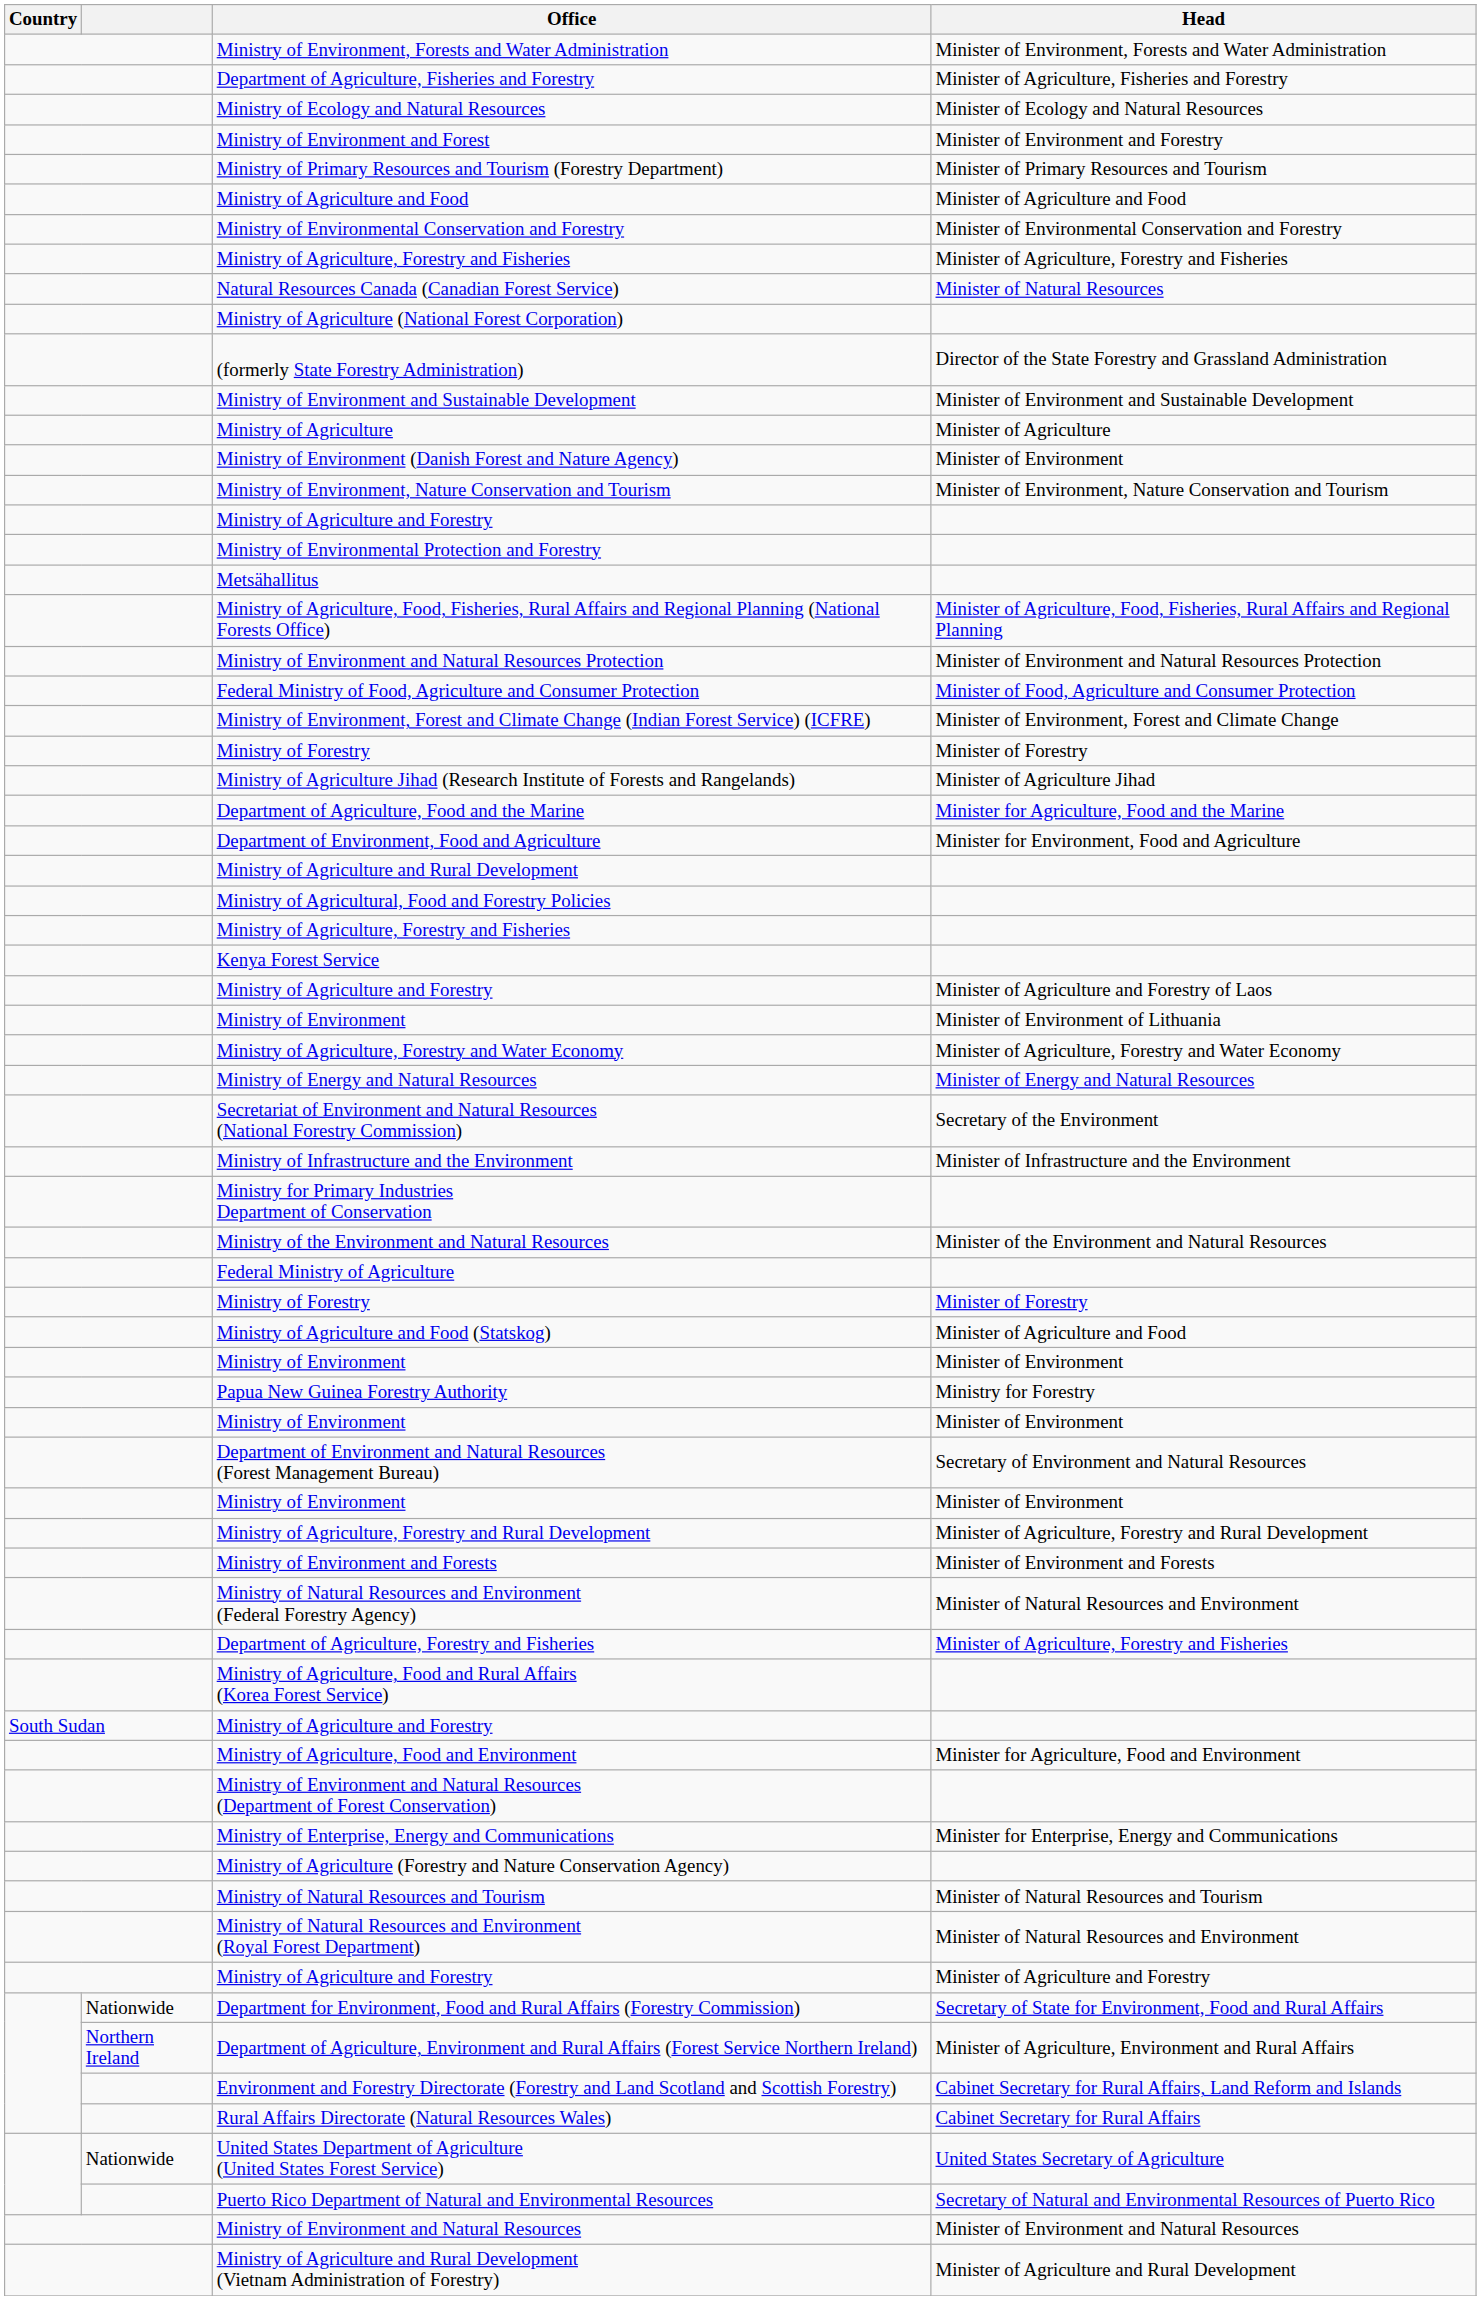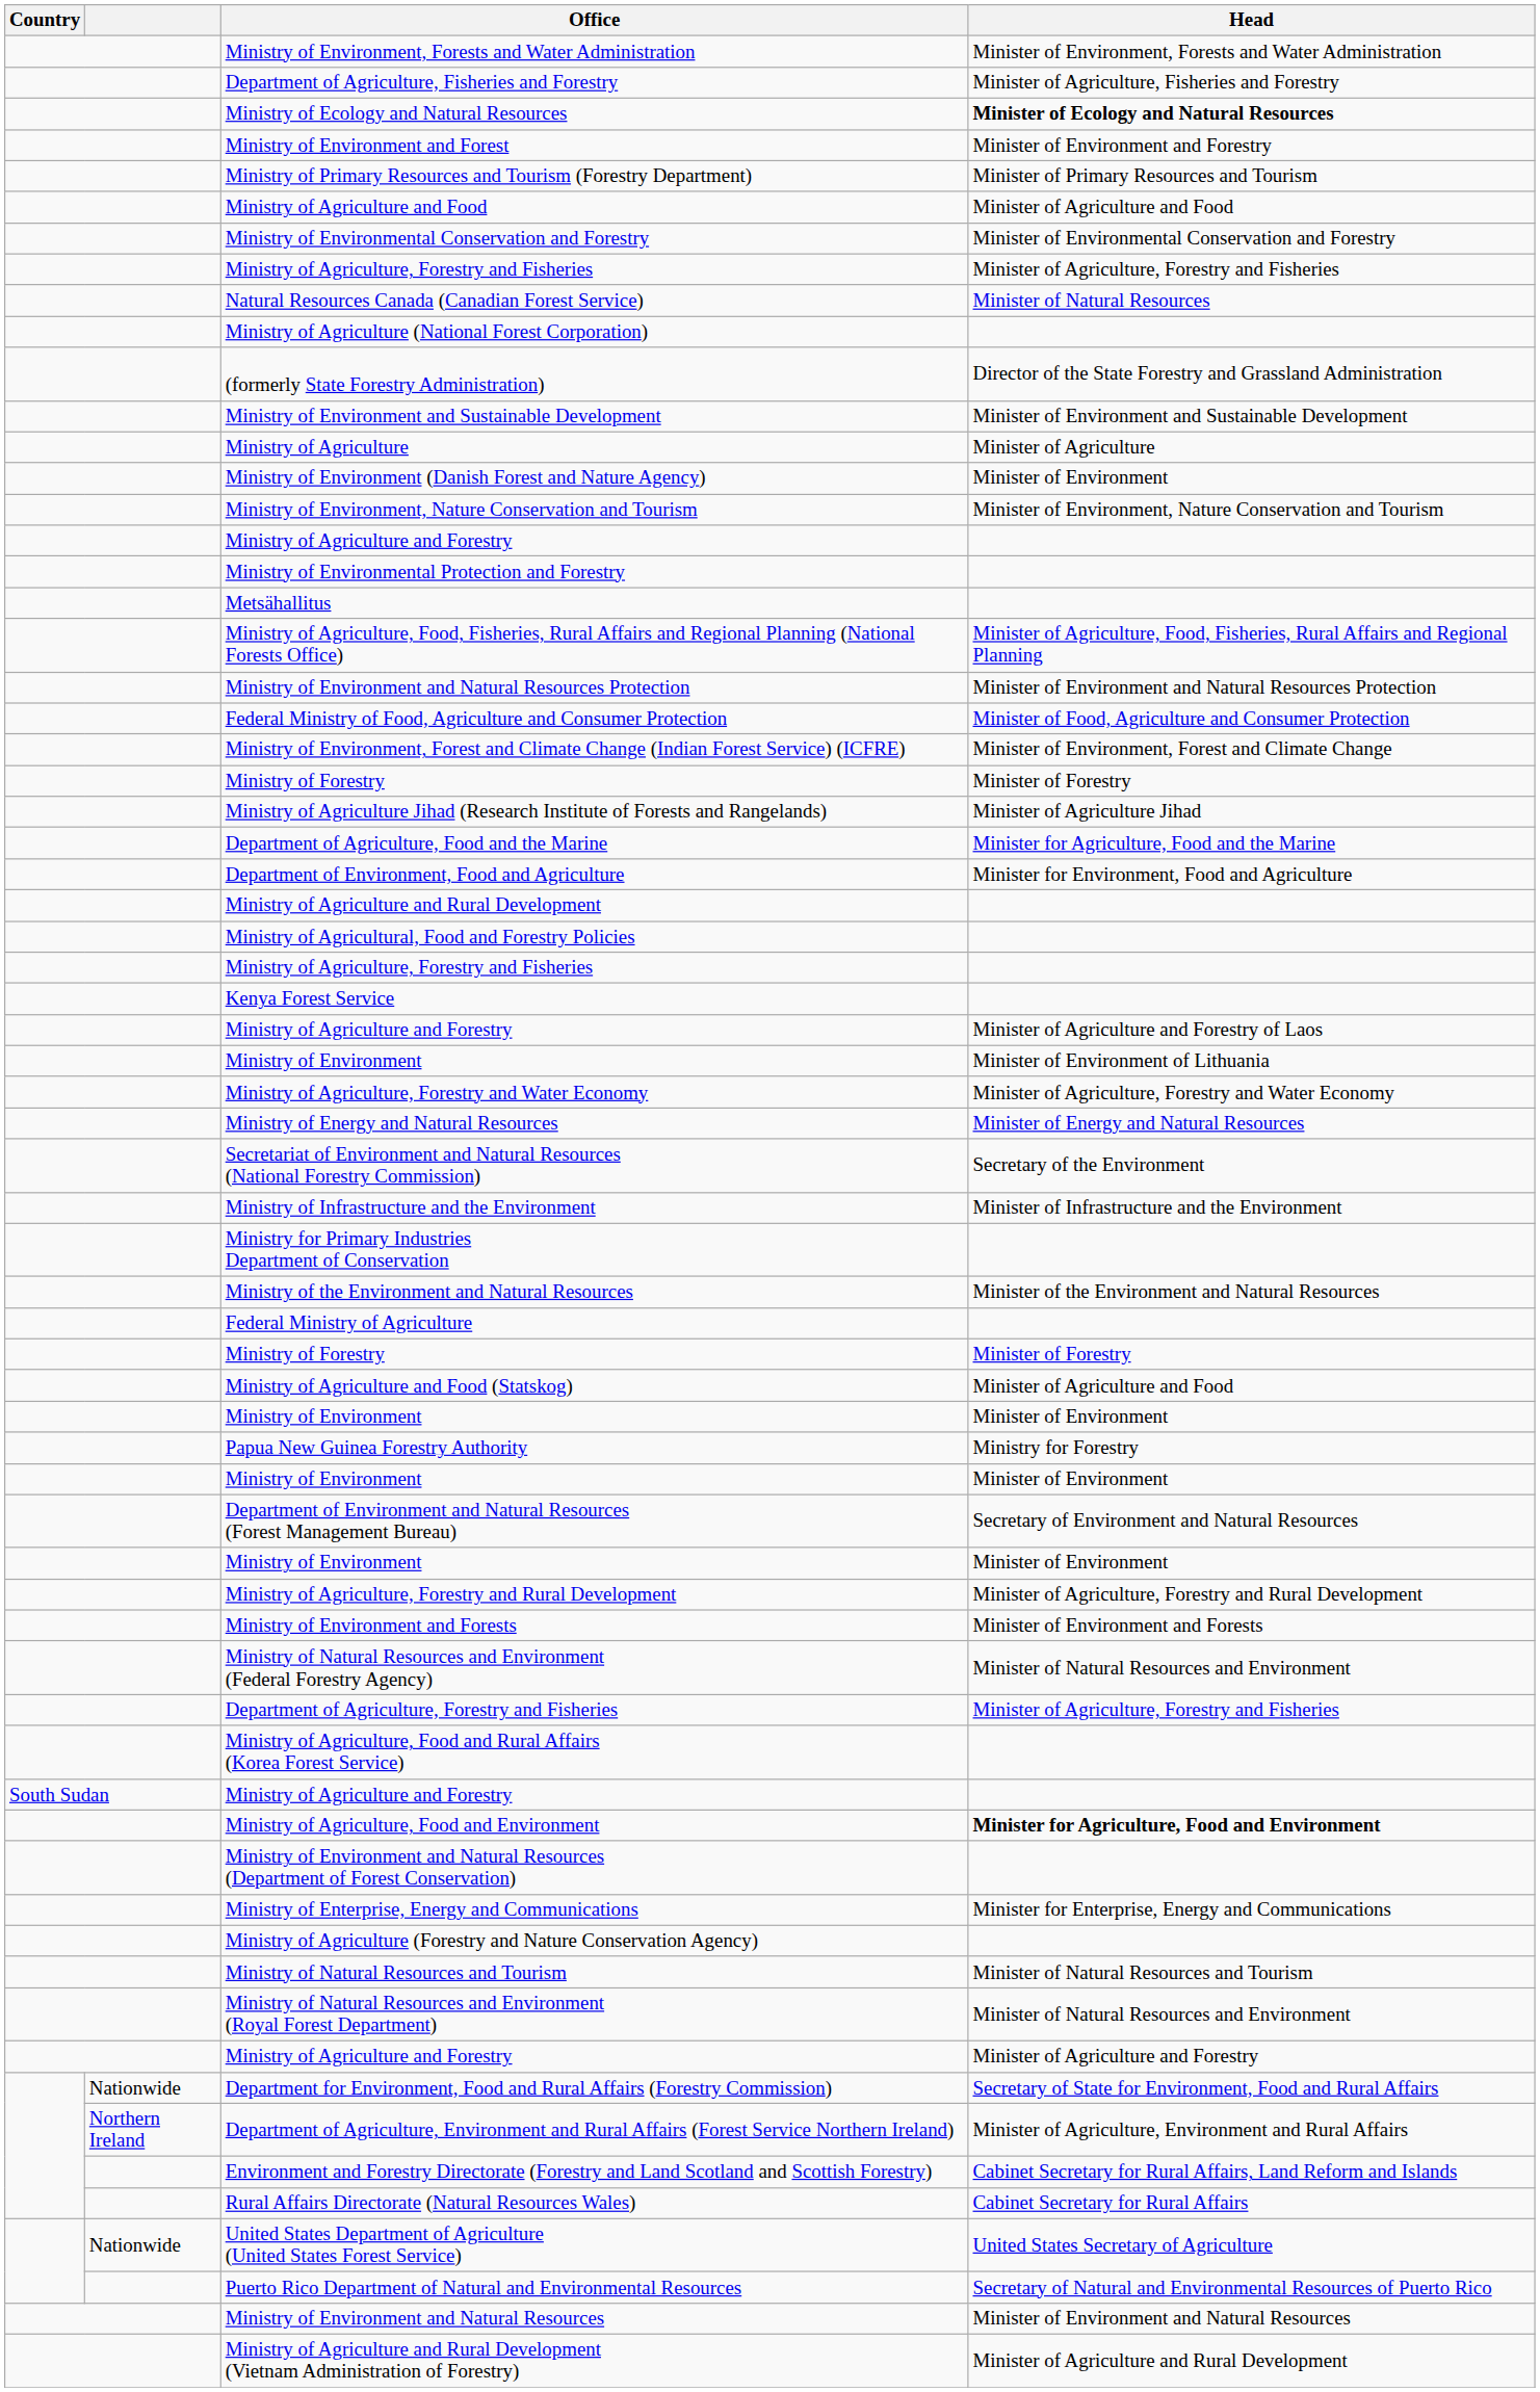 <table class="wikitable">
 <tr>
 <th>Country</th>
 <th></th>
 <th>Office</th>
 <th>Head</th>
 </tr>
 <tr>
 <td colspan="2"></td>
 <td><a href='#'>Ministry of Environment, Forests and Water Administration</a></td>
 <td>Minister of Environment, Forests and Water Administration</td>
 </tr>
 <tr>
 <td colspan="2"></td>
 <td><a href='#'>Department of Agriculture, Fisheries and Forestry</a></td>
 <td>Minister of Agriculture, Fisheries and Forestry</td>
 </tr>
 <tr>
 <td colspan="2"></td>
 <td><a href='#'>Ministry of Ecology and Natural Resources</a></td>
-<td>Minister of Ecology and Natural Resources</td>
+<td><strong>Minister of Ecology and Natural Resources</strong></td>
 </tr>
 <tr>
 <td colspan="2"></td>
 <td><a href='#'>Ministry of Environment and Forest</a></td>
 <td>Minister of Environment and Forestry</td>
 </tr>
 <tr>
 <td colspan="2"></td>
 <td><a href='#'>Ministry of Primary Resources and Tourism</a> (Forestry Department)</td>
 <td>Minister of Primary Resources and Tourism</td>
 </tr>
 <tr>
 <td colspan="2"></td>
 <td><a href='#'>Ministry of Agriculture and Food</a></td>
 <td>Minister of Agriculture and Food</td>
 </tr>
 <tr>
 <td colspan="2"></td>
 <td><a href='#'>Ministry of Environmental Conservation and Forestry</a></td>
 <td>Minister of Environmental Conservation and Forestry</td>
 </tr>
 <tr>
 <td colspan="2"></td>
 <td><a href='#'>Ministry of Agriculture, Forestry and Fisheries</a></td>
 <td>Minister of Agriculture, Forestry and Fisheries</td>
 </tr>
 <tr>
 <td colspan="2"></td>
 <td><a href='#'>Natural Resources Canada</a> (<a href='#'>Canadian Forest Service</a>)</td>
 <td><a href='#'>Minister of Natural Resources</a></td>
 </tr>
 <tr>
 <td colspan="2"></td>
 <td><a href='#'>Ministry of Agriculture</a> (<a href='#'>National Forest Corporation</a>)</td>
 <td></td>
 </tr>
 <tr>
 <td colspan="2"></td>
 <td><br> (formerly <a href='#'>State Forestry Administration</a>)</td>
 <td>Director of the State Forestry and Grassland Administration</td>
 </tr>
 <tr>
 <td colspan="2"></td>
 <td><a href='#'>Ministry of Environment and Sustainable Development</a></td>
 <td>Minister of Environment and Sustainable Development</td>
 </tr>
 <tr>
 <td colspan="2"></td>
 <td><a href='#'>Ministry of Agriculture</a></td>
 <td>Minister of Agriculture</td>
 </tr>
 <tr>
 <td colspan="2"></td>
 <td><a href='#'>Ministry of Environment</a> (<a href='#'>Danish Forest and Nature Agency</a>)</td>
 <td>Minister of Environment</td>
 </tr>
 <tr>
 <td colspan="2"></td>
 <td><a href='#'>Ministry of Environment, Nature Conservation and Tourism</a></td>
 <td>Minister of Environment, Nature Conservation and Tourism</td>
 </tr>
 <tr>
 <td colspan="2"></td>
 <td><a href='#'>Ministry of Agriculture and Forestry</a></td>
 <td></td>
 </tr>
 <tr>
 <td colspan="2"></td>
 <td><a href='#'>Ministry of Environmental Protection and Forestry</a></td>
 <td></td>
 </tr>
 <tr>
 <td colspan="2"></td>
 <td><a href='#'>Metsähallitus</a></td>
 <td></td>
 </tr>
 <tr>
 <td colspan="2"></td>
 <td><a href='#'>Ministry of Agriculture, Food, Fisheries, Rural Affairs and Regional Planning</a> (<a href='#'>National Forests Office</a>)</td>
 <td><a href='#'>Minister of Agriculture, Food, Fisheries, Rural Affairs and Regional Planning</a></td>
 </tr>
 <tr>
 <td colspan="2"></td>
 <td><a href='#'>Ministry of Environment and Natural Resources Protection</a></td>
 <td>Minister of Environment and Natural Resources Protection</td>
 </tr>
 <tr>
 <td colspan="2"></td>
 <td><a href='#'>Federal Ministry of Food, Agriculture and Consumer Protection</a></td>
 <td><a href='#'>Minister of Food, Agriculture and Consumer Protection</a></td>
 </tr>
 <tr>
 <td colspan="2"></td>
 <td><a href='#'>Ministry of Environment, Forest and Climate Change</a> (<a href='#'>Indian Forest Service</a>) (<a href='#'>ICFRE</a>)</td>
 <td>Minister of Environment, Forest and Climate Change</td>
 </tr>
 <tr>
 <td colspan="2"></td>
 <td><a href='#'>Ministry of Forestry</a></td>
 <td>Minister of Forestry</td>
 </tr>
 <tr>
 <td colspan="2"></td>
 <td><a href='#'>Ministry of Agriculture Jihad</a> (Research Institute of Forests and Rangelands)</td>
 <td>Minister of Agriculture Jihad</td>
 </tr>
 <tr>
 <td colspan="2"></td>
 <td><a href='#'>Department of Agriculture, Food and the Marine</a></td>
 <td><a href='#'>Minister for Agriculture, Food and the Marine</a></td>
 </tr>
 <tr>
 <td colspan="2"></td>
 <td><a href='#'>Department of Environment, Food and Agriculture</a></td>
 <td>Minister for Environment, Food and Agriculture</td>
 </tr>
 <tr>
 <td colspan="2"></td>
 <td><a href='#'>Ministry of Agriculture and Rural Development</a></td>
 <td></td>
 </tr>
 <tr>
 <td colspan="2"></td>
 <td><a href='#'>Ministry of Agricultural, Food and Forestry Policies</a></td>
 <td></td>
 </tr>
 <tr>
 <td colspan="2"></td>
 <td><a href='#'>Ministry of Agriculture, Forestry and Fisheries</a></td>
 <td></td>
 </tr>
 <tr>
 <td colspan="2"></td>
 <td><a href='#'>Kenya Forest Service</a></td>
 <td></td>
 </tr>
 <tr>
 <td colspan="2"></td>
 <td><a href='#'>Ministry of Agriculture and Forestry</a></td>
 <td>Minister of Agriculture and Forestry of Laos</td>
 </tr>
 <tr>
 <td colspan="2"></td>
 <td><a href='#'>Ministry of Environment</a></td>
 <td>Minister of Environment of Lithuania</td>
 </tr>
 <tr>
 <td colspan="2"></td>
 <td><a href='#'>Ministry of Agriculture, Forestry and Water Economy</a></td>
 <td>Minister of Agriculture, Forestry and Water Economy</td>
 </tr>
 <tr>
 <td colspan="2"></td>
 <td><a href='#'>Ministry of Energy and Natural Resources</a></td>
 <td><a href='#'>Minister of Energy and Natural Resources</a></td>
 </tr>
 <tr>
 <td colspan="2"></td>
 <td><a href='#'>Secretariat of Environment and Natural Resources</a><br>(<a href='#'>National Forestry Commission</a>)</td>
 <td>Secretary of the Environment</td>
 </tr>
 <tr>
 <td colspan="2"></td>
 <td><a href='#'>Ministry of Infrastructure and the Environment</a></td>
 <td>Minister of Infrastructure and the Environment</td>
 </tr>
 <tr>
 <td colspan="2"></td>
 <td><a href='#'>Ministry for Primary Industries</a><br><a href='#'>Department of Conservation</a></td>
 <td></td>
 </tr>
 <tr>
 <td colspan="2"></td>
 <td><a href='#'>Ministry of the Environment and Natural Resources</a></td>
 <td>Minister of the Environment and Natural Resources</td>
 </tr>
 <tr>
 <td colspan="2"></td>
 <td><a href='#'>Federal Ministry of Agriculture</a></td>
 <td></td>
 </tr>
 <tr>
 <td colspan="2"></td>
 <td><a href='#'>Ministry of Forestry</a></td>
 <td><a href='#'>Minister of Forestry</a></td>
 </tr>
 <tr>
 <td colspan="2"></td>
 <td><a href='#'>Ministry of Agriculture and Food</a> (<a href='#'>Statskog</a>)</td>
 <td>Minister of Agriculture and Food</td>
 </tr>
 <tr>
 <td colspan="2"></td>
 <td><a href='#'>Ministry of Environment</a></td>
 <td>Minister of Environment</td>
 </tr>
 <tr>
 <td colspan="2"></td>
 <td><a href='#'>Papua New Guinea Forestry Authority</a></td>
 <td>Ministry for Forestry</td>
 </tr>
 <tr>
 <td colspan="2"></td>
 <td><a href='#'>Ministry of Environment</a></td>
 <td>Minister of Environment</td>
 </tr>
 <tr>
 <td colspan="2"></td>
 <td><a href='#'>Department of Environment and Natural Resources</a><br>(Forest Management Bureau)</td>
 <td>Secretary of Environment and Natural Resources</td>
 </tr>
 <tr>
 <td colspan="2"></td>
 <td><a href='#'>Ministry of Environment</a></td>
 <td>Minister of Environment</td>
 </tr>
 <tr>
 <td colspan="2"></td>
 <td><a href='#'>Ministry of Agriculture, Forestry and Rural Development</a></td>
 <td>Minister of Agriculture, Forestry and Rural Development</td>
 </tr>
 <tr>
 <td colspan="2"></td>
 <td><a href='#'>Ministry of Environment and Forests</a></td>
 <td>Minister of Environment and Forests</td>
 </tr>
 <tr>
 <td colspan="2"></td>
 <td><a href='#'>Ministry of Natural Resources and Environment</a><br>(Federal Forestry Agency)</td>
 <td>Minister of Natural Resources and Environment</td>
 </tr>
 <tr>
 <td colspan="2"></td>
 <td><a href='#'>Department of Agriculture, Forestry and Fisheries</a></td>
 <td><a href='#'>Minister of Agriculture, Forestry and Fisheries</a></td>
 </tr>
 <tr>
 <td colspan="2"></td>
 <td><a href='#'>Ministry of Agriculture, Food and Rural Affairs</a><br>(<a href='#'>Korea Forest Service</a>)</td>
 <td></td>
 </tr>
 <tr>
 <td colspan="2"> <a href='#'>South Sudan</a></td>
 <td><a href='#'>Ministry of Agriculture and Forestry</a></td>
 <td></td>
 </tr>
 <tr>
 <td colspan="2"></td>
 <td><a href='#'>Ministry of Agriculture, Food and Environment</a></td>
-<td>Minister for Agriculture, Food and Environment</td>
+<td><strong>Minister for Agriculture, Food and Environment</strong></td>
 </tr>
 <tr>
 <td colspan="2"></td>
 <td><a href='#'>Ministry of Environment and Natural Resources</a><br>(<a href='#'>Department of Forest Conservation</a>)</td>
 <td></td>
 </tr>
 <tr>
 <td colspan="2"></td>
 <td><a href='#'>Ministry of Enterprise, Energy and Communications</a></td>
 <td>Minister for Enterprise, Energy and Communications</td>
 </tr>
 <tr>
 <td colspan="2"></td>
 <td><a href='#'>Ministry of Agriculture</a> (Forestry and Nature Conservation Agency)</td>
 <td></td>
 </tr>
 <tr>
 <td colspan="2"></td>
 <td><a href='#'>Ministry of Natural Resources and Tourism</a></td>
 <td>Minister of Natural Resources and Tourism</td>
 </tr>
 <tr>
 <td colspan="2"></td>
 <td><a href='#'>Ministry of Natural Resources and Environment</a><br>(<a href='#'>Royal Forest Department</a>)</td>
 <td>Minister of Natural Resources and Environment</td>
 </tr>
 <tr>
 <td colspan="2"></td>
 <td><a href='#'> Ministry of Agriculture and Forestry</a></td>
 <td>Minister of Agriculture and Forestry</td>
 </tr>
 <tr>
 <td rowspan=4></td>
 <td>Nationwide</td>
 <td><a href='#'>Department for Environment, Food and Rural Affairs</a> (<a href='#'>Forestry Commission</a>)</td>
 <td><a href='#'>Secretary of State for Environment, Food and Rural Affairs</a></td>
 </tr>
 <tr>
 <td><a href='#'>Northern Ireland</a></td>
 <td><a href='#'>Department of Agriculture, Environment and Rural Affairs</a> (<a href='#'>Forest Service Northern Ireland</a>)</td>
 <td>Minister of Agriculture, Environment and Rural Affairs</td>
 </tr>
 <tr>
 <td></td>
 <td><a href='#'>Environment and Forestry Directorate</a> (<a href='#'>Forestry and Land Scotland</a> and <a href='#'>Scottish Forestry</a>)</td>
 <td><a href='#'>Cabinet Secretary for Rural Affairs, Land Reform and Islands</a></td>
 </tr>
 <tr>
 <td></td>
 <td><a href='#'>Rural Affairs Directorate</a> (<a href='#'>Natural Resources Wales</a>)</td>
 <td><a href='#'>Cabinet Secretary for Rural Affairs</a></td>
 </tr>
 <tr>
 <td rowspan=2></td>
 <td>Nationwide</td>
 <td><a href='#'>United States Department of Agriculture</a><br>(<a href='#'>United States Forest Service</a>)</td>
 <td><a href='#'>United States Secretary of Agriculture</a></td>
 </tr>
 <tr>
 <td></td>
 <td><a href='#'>Puerto Rico Department of Natural and Environmental Resources</a></td>
 <td><a href='#'>Secretary of Natural and Environmental Resources of Puerto Rico</a></td>
 </tr>
 <tr>
 <td colspan="2"></td>
 <td><a href='#'>Ministry of Environment and Natural Resources</a></td>
 <td>Minister of Environment and Natural Resources</td>
 </tr>
 <tr>
 <td colspan="2"></td>
 <td><a href='#'>Ministry of Agriculture and Rural Development</a><br>(Vietnam Administration of Forestry)</td>
 <td>Minister of Agriculture and Rural Development</td>
 </tr>
 <tr>
 </tr>
 </table>
